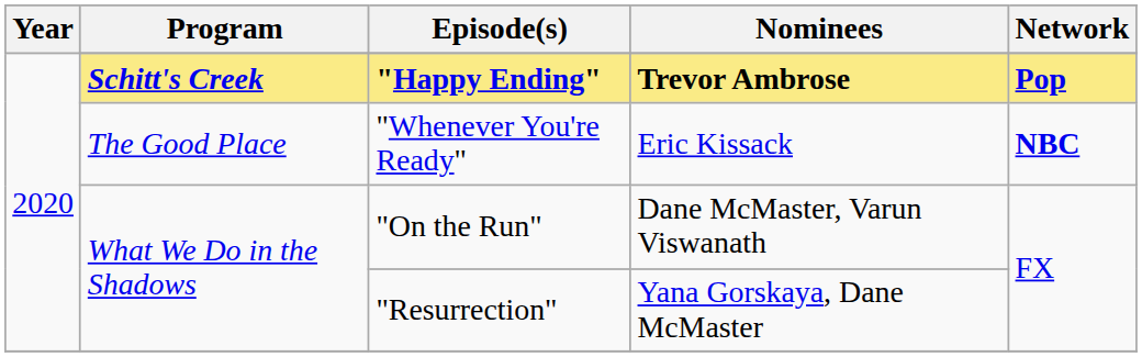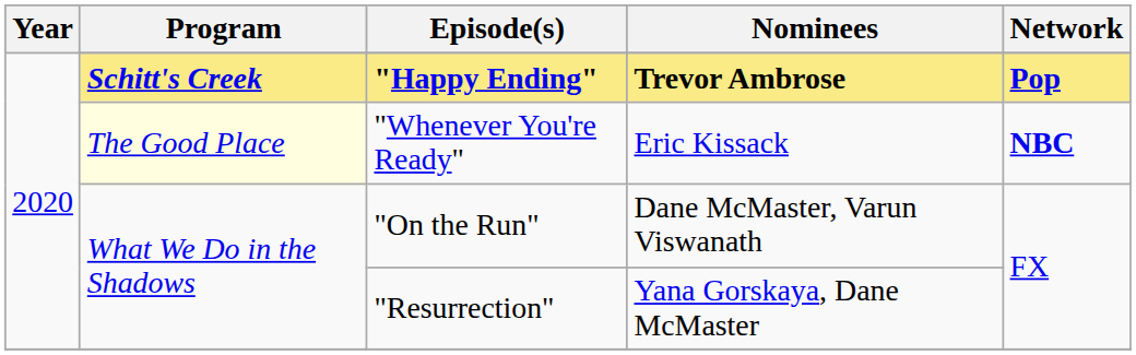 <table class="wikitable" style="width:95%">
 <tr bgcolor="#bebebe">
 <th width="5%">Year</th>
 <th width="30%">Program</th>
 <th width="25%">Episode(s)</th>
 <th width="40%">Nominees</th>
 <th width="10%">Network</th>
 </tr>
 <tr>
 <td rowspan=5 style="text-align:center"><a href='#'>2020</a><br></td>
 </tr>
 <tr style="background:#FAEB86">
 <td><strong><em><a href='#'>Schitt's Creek</a></em></strong></td>
 <td><strong>"<a href='#'>Happy Ending</a>"</strong></td>
 <td><strong>Trevor Ambrose</strong></td>
 <td><strong><a href='#'>Pop</a></strong></td>
 </tr>
 <tr>
-<td><em><a href='#'>The Good Place</a></em></td>
+<td style="background: lightyellow;"><em><a href='#'>The Good Place</a></em></td>
 <td>"<a href='#'>Whenever You're Ready</a>"</td>
 <td><a href='#'>Eric Kissack</a></td>
 <td><strong><a href='#'>NBC</a></strong></td>
 </tr>
 <tr>
 <td rowspan="2"><em><a href='#'>What We Do in the Shadows</a></em></td>
 <td>"On the Run"</td>
 <td>Dane McMaster, Varun Viswanath</td>
 <td rowspan="2"><a href='#'>FX</a></td>
 </tr>
 <tr>
 <td>"Resurrection"</td>
 <td><a href='#'>Yana Gorskaya</a>, Dane McMaster</td>
 </tr>
 <tr>
 </tr>
 </table>
